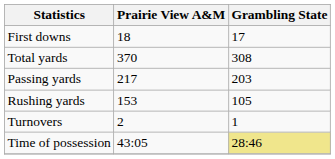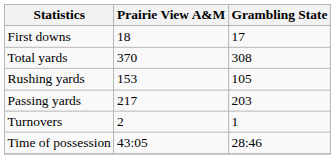 <table class="wikitable">
 <tr>
 <th>Statistics</th>
 <th>Prairie View A&M</th>
 <th>Grambling State</th>
 </tr>
 <tr>
 <td>First downs</td>
 <td>18</td>
 <td>17</td>
 </tr>
 <tr>
 <td>Total yards</td>
 <td>370</td>
 <td>308</td>
 </tr>
 <tr>
+<td>Rushing yards</td>
+<td>153</td>
+<td>105</td>
+</tr>
+<tr>
 <td>Passing yards</td>
 <td>217</td>
 <td>203</td>
-</tr>
-<tr>
-<td>Rushing yards</td>
-<td>153</td>
-<td>105</td>
 </tr>
 <tr>
 <td>Turnovers</td>
 <td>2</td>
 <td>1</td>
 </tr>
 <tr>
 <td>Time of possession</td>
 <td>43:05</td>
-<td style="background: khaki;">28:46</td>
+<td>28:46</td>
 </tr>
 <tr>
 </tr>
 </table>
